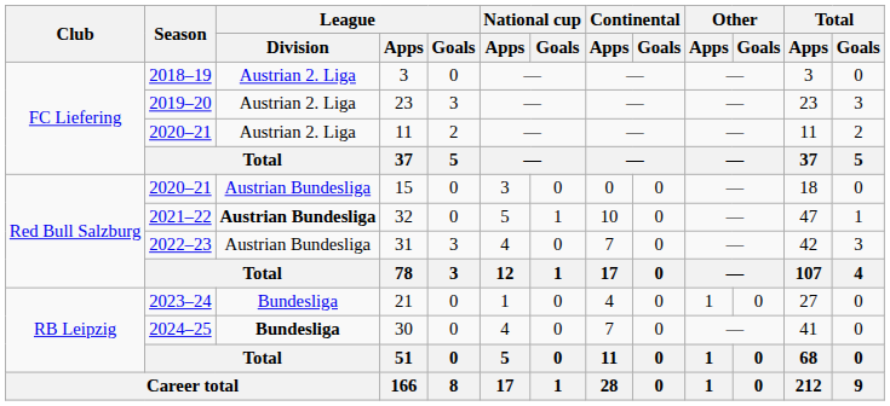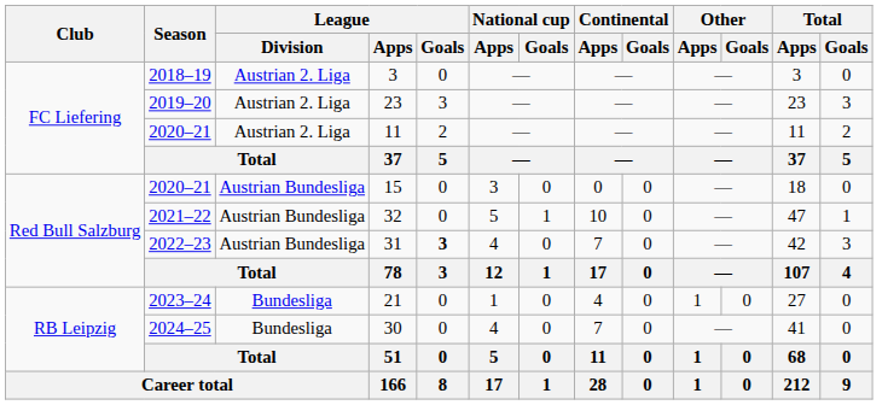 <table class="wikitable" style="text-align: center">
 <tr>
 <th rowspan="2">Club</th>
 <th rowspan="2">Season</th>
 <th colspan="3">League</th>
 <th colspan="2">National cup</th>
 <th colspan="2">Continental</th>
 <th colspan="2">Other</th>
 <th colspan="2">Total</th>
 </tr>
 <tr>
 <th>Division</th>
 <th>Apps</th>
 <th>Goals</th>
 <th>Apps</th>
 <th>Goals</th>
 <th>Apps</th>
 <th>Goals</th>
 <th>Apps</th>
 <th>Goals</th>
 <th>Apps</th>
 <th>Goals</th>
 </tr>
 <tr>
 <td rowspan="4"><a href='#'>FC Liefering</a></td>
 <td><a href='#'>2018–19</a></td>
 <td><a href='#'>Austrian 2. Liga</a></td>
 <td>3</td>
 <td>0</td>
 <td colspan="2">—</td>
 <td colspan="2">—</td>
 <td colspan="2">—</td>
 <td>3</td>
 <td>0</td>
 </tr>
 <tr>
 <td><a href='#'>2019–20</a></td>
 <td>Austrian 2. Liga</td>
 <td>23</td>
 <td>3</td>
 <td colspan="2">—</td>
 <td colspan="2">—</td>
 <td colspan="2">—</td>
 <td>23</td>
 <td>3</td>
 </tr>
 <tr>
 <td><a href='#'>2020–21</a></td>
 <td>Austrian 2. Liga</td>
 <td>11</td>
 <td>2</td>
 <td colspan="2">—</td>
 <td colspan="2">—</td>
 <td colspan="2">—</td>
 <td>11</td>
 <td>2</td>
 </tr>
 <tr>
 <th colspan="2">Total</th>
 <th>37</th>
 <th>5</th>
 <th colspan="2">—</th>
 <th colspan="2">—</th>
 <th colspan="2">—</th>
 <th>37</th>
 <th>5</th>
 </tr>
 <tr>
 <td rowspan="4"><a href='#'>Red Bull Salzburg</a></td>
 <td><a href='#'>2020–21</a></td>
 <td><a href='#'>Austrian Bundesliga</a></td>
 <td>15</td>
 <td>0</td>
 <td>3</td>
 <td>0</td>
 <td>0</td>
 <td>0</td>
 <td colspan="2">—</td>
 <td>18</td>
 <td>0</td>
 </tr>
 <tr>
 <td><a href='#'>2021–22</a></td>
-<td><strong>Austrian Bundesliga</strong></td>
+<td>Austrian Bundesliga</td>
 <td>32</td>
 <td>0</td>
 <td>5</td>
 <td>1</td>
 <td>10</td>
 <td>0</td>
 <td colspan="2">—</td>
 <td>47</td>
 <td>1</td>
 </tr>
 <tr>
 <td><a href='#'>2022–23</a></td>
 <td>Austrian Bundesliga</td>
 <td>31</td>
-<td>3</td>
+<td><strong>3</strong></td>
 <td>4</td>
 <td>0</td>
 <td>7</td>
 <td>0</td>
 <td colspan="2">—</td>
 <td>42</td>
 <td>3</td>
 </tr>
 <tr>
 <th colspan="2">Total</th>
 <th>78</th>
 <th>3</th>
 <th>12</th>
 <th>1</th>
 <th>17</th>
 <th>0</th>
 <th colspan="2">—</th>
 <th>107</th>
 <th>4</th>
 </tr>
 <tr>
 <td rowspan="3"><a href='#'>RB Leipzig</a></td>
 <td><a href='#'>2023–24</a></td>
 <td><a href='#'>Bundesliga</a></td>
 <td>21</td>
 <td>0</td>
 <td>1</td>
 <td>0</td>
 <td>4</td>
 <td>0</td>
 <td>1</td>
 <td>0</td>
 <td>27</td>
 <td>0</td>
 </tr>
 <tr>
 <td><a href='#'>2024–25</a></td>
-<td><strong>Bundesliga</strong></td>
+<td>Bundesliga</td>
 <td>30</td>
 <td>0</td>
 <td>4</td>
 <td>0</td>
 <td>7</td>
 <td>0</td>
 <td colspan="2">—</td>
 <td>41</td>
 <td>0</td>
 </tr>
 <tr>
 <th colspan="2">Total</th>
 <th>51</th>
 <th>0</th>
 <th>5</th>
 <th>0</th>
 <th>11</th>
 <th>0</th>
 <th>1</th>
 <th>0</th>
 <th>68</th>
 <th>0</th>
 </tr>
 <tr>
 <th colspan="3">Career total</th>
 <th>166</th>
 <th>8</th>
 <th>17</th>
 <th>1</th>
 <th>28</th>
 <th>0</th>
 <th>1</th>
 <th>0</th>
 <th>212</th>
 <th>9</th>
 </tr>
 </table>
